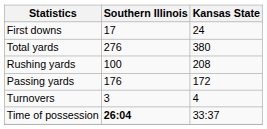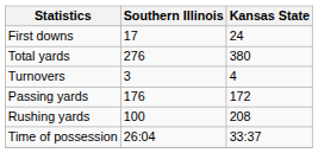 <table class="wikitable" style="float: left;">
 <tr>
 <th>Statistics</th>
 <th>Southern Illinois</th>
 <th>Kansas State</th>
 </tr>
 <tr>
 <td>First downs</td>
 <td>17</td>
 <td>24</td>
 </tr>
 <tr>
 <td>Total yards</td>
 <td>276</td>
 <td>380</td>
 </tr>
 <tr>
-<td>Rushing yards</td>
-<td>100</td>
-<td>208</td>
+<td>Turnovers</td>
+<td>3</td>
+<td>4</td>
 </tr>
 <tr>
 <td>Passing yards</td>
 <td>176</td>
 <td>172</td>
 </tr>
 <tr>
-<td>Turnovers</td>
-<td>3</td>
-<td>4</td>
+<td>Rushing yards</td>
+<td>100</td>
+<td>208</td>
 </tr>
 <tr>
 <td>Time of possession</td>
-<td><strong>26:04</strong></td>
+<td>26:04</td>
 <td>33:37</td>
 </tr>
 <tr>
 </tr>
 </table>
